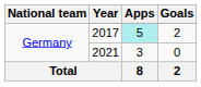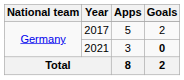 <table class="wikitable" style="text-align:center">
 <tr>
 <th>National team</th>
 <th>Year</th>
 <th>Apps</th>
 <th>Goals</th>
 </tr>
 <tr>
 <td rowspan="3"><a href='#'>Germany</a></td>
 </tr>
 <tr>
 <td>2017</td>
-<td style="background: paleturquoise;">5</td>
+<td>5</td>
 <td>2</td>
 </tr>
 <tr>
 <td>2021</td>
 <td>3</td>
-<td>0</td>
+<td><strong>0</strong></td>
 </tr>
 <tr>
 <th colspan=2>Total</th>
 <th>8</th>
 <th>2</th>
 </tr>
 </table>
